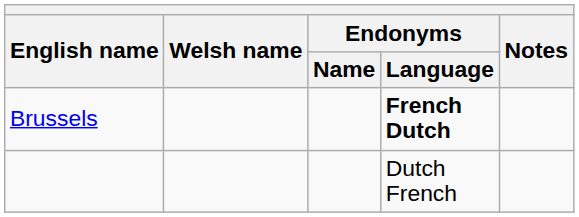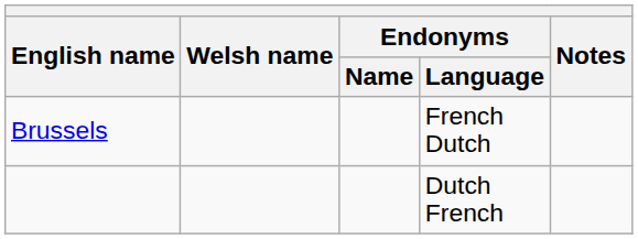 <table class="wikitable sortable">
 <tr>
 <th colspan="5"> </th>
 </tr>
 <tr>
 <th rowspan="2">English name</th>
 <th rowspan="2">Welsh name</th>
 <th colspan="2">Endonyms</th>
 <th rowspan="2" class="unsortable">Notes</th>
 </tr>
 <tr>
 <th>Name</th>
 <th>Language</th>
 </tr>
 <tr>
 <td><a href='#'>Brussels</a></td>
 <td></td>
 <td><br></td>
-<td><strong>French<br>Dutch</strong></td>
+<td>French<br>Dutch</td>
 <td></td>
 </tr>
 <tr>
 <td></td>
 <td></td>
 <td><br></td>
 <td>Dutch<br>French</td>
 <td></td>
 </tr>
 </table>
